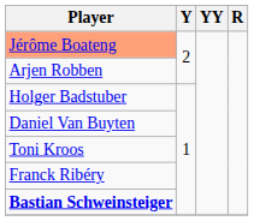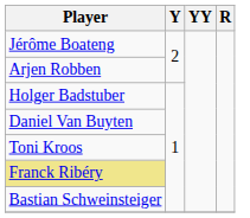 <table class="wikitable">
 <tr>
 <th>Player</th>
 <th>Y</th>
 <th>YY</th>
 <th>R</th>
 </tr>
 <tr>
-<td style="background: lightsalmon;"> <a href='#'>Jérôme Boateng</a></td>
+<td> <a href='#'>Jérôme Boateng</a></td>
 <td rowspan="2" align=center>2</td>
 <td rowspan="7" align=center></td>
 <td rowspan="7" align=center></td>
 </tr>
 <tr>
 <td> <a href='#'>Arjen Robben</a></td>
 </tr>
 <tr>
 <td> <a href='#'>Holger Badstuber</a></td>
 <td rowspan="5" align=center>1</td>
 </tr>
 <tr>
 <td> <a href='#'>Daniel Van Buyten</a></td>
 </tr>
 <tr>
 <td> <a href='#'>Toni Kroos</a></td>
 </tr>
 <tr>
-<td> <a href='#'>Franck Ribéry</a></td>
+<td style="background: khaki;"> <a href='#'>Franck Ribéry</a></td>
 </tr>
 <tr>
-<td><strong> <a href='#'>Bastian Schweinsteiger</a></strong></td>
+<td> <a href='#'>Bastian Schweinsteiger</a></td>
 </tr>
 <tr>
 </tr>
 </table>
